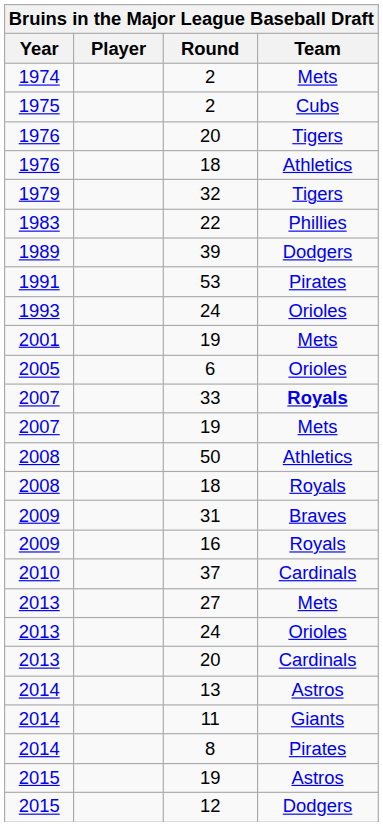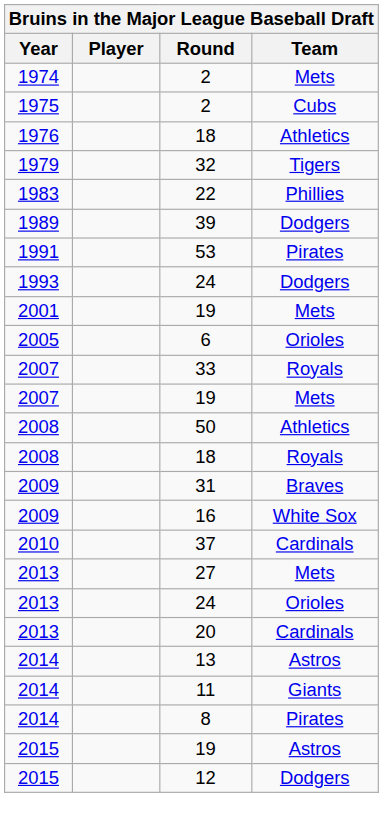 <table class="wikitable sortable" style="text-align:center">
 <tr>
 <th colspan=4>Bruins in the Major League Baseball Draft</th>
 </tr>
 <tr>
 <th>Year</th>
 <th>Player</th>
 <th>Round</th>
 <th>Team</th>
 </tr>
 <tr>
 <td><a href='#'>1974</a></td>
 <td></td>
 <td>2</td>
 <td><a href='#'>Mets</a></td>
 </tr>
 <tr>
 <td><a href='#'>1975</a></td>
 <td></td>
 <td>2</td>
 <td><a href='#'>Cubs</a></td>
-</tr>
-<tr>
-<td><a href='#'>1976</a></td>
-<td></td>
-<td>20</td>
-<td><a href='#'>Tigers</a></td>
 </tr>
 <tr>
 <td><a href='#'>1976</a></td>
 <td></td>
 <td>18</td>
 <td><a href='#'>Athletics</a></td>
 </tr>
 <tr>
 <td><a href='#'>1979</a></td>
 <td></td>
 <td>32</td>
 <td><a href='#'>Tigers</a></td>
 </tr>
 <tr>
 <td><a href='#'>1983</a></td>
 <td></td>
 <td>22</td>
 <td><a href='#'>Phillies</a></td>
 </tr>
 <tr>
 <td><a href='#'>1989</a></td>
 <td></td>
 <td>39</td>
 <td><a href='#'>Dodgers</a></td>
 </tr>
 <tr>
 <td><a href='#'>1991</a></td>
 <td></td>
 <td>53</td>
 <td><a href='#'>Pirates</a></td>
 </tr>
 <tr>
 <td><a href='#'>1993</a></td>
 <td></td>
 <td>24</td>
-<td><a href='#'>Orioles</a></td>
+<td><a href='#'>Dodgers</a></td>
 </tr>
 <tr>
 <td><a href='#'>2001</a></td>
 <td></td>
 <td>19</td>
 <td><a href='#'>Mets</a></td>
 </tr>
 <tr>
 <td><a href='#'>2005</a></td>
 <td></td>
 <td>6</td>
 <td><a href='#'>Orioles</a></td>
 </tr>
 <tr>
 <td><a href='#'>2007</a></td>
 <td></td>
 <td>33</td>
-<td><strong><a href='#'>Royals</a></strong></td>
+<td><a href='#'>Royals</a></td>
 </tr>
 <tr>
 <td><a href='#'>2007</a></td>
 <td></td>
 <td>19</td>
 <td><a href='#'>Mets</a></td>
 </tr>
 <tr>
 <td><a href='#'>2008</a></td>
 <td></td>
 <td>50</td>
 <td><a href='#'>Athletics</a></td>
 </tr>
 <tr>
 <td><a href='#'>2008</a></td>
 <td></td>
 <td>18</td>
 <td><a href='#'>Royals</a></td>
 </tr>
 <tr>
 <td><a href='#'>2009</a></td>
 <td></td>
 <td>31</td>
 <td><a href='#'>Braves</a></td>
 </tr>
 <tr>
 <td><a href='#'>2009</a></td>
 <td></td>
 <td>16</td>
-<td><a href='#'>Royals</a></td>
+<td><a href='#'>White Sox</a></td>
 </tr>
 <tr>
 <td><a href='#'>2010</a></td>
 <td></td>
 <td>37</td>
 <td><a href='#'>Cardinals</a></td>
 </tr>
 <tr>
 <td><a href='#'>2013</a></td>
 <td></td>
 <td>27</td>
 <td><a href='#'>Mets</a></td>
 </tr>
 <tr>
 <td><a href='#'>2013</a></td>
 <td></td>
 <td>24</td>
 <td><a href='#'>Orioles</a></td>
 </tr>
 <tr>
 <td><a href='#'>2013</a></td>
 <td></td>
 <td>20</td>
 <td><a href='#'>Cardinals</a></td>
 </tr>
 <tr>
 <td><a href='#'>2014</a></td>
 <td></td>
 <td>13</td>
 <td><a href='#'>Astros</a></td>
 </tr>
 <tr>
 <td><a href='#'>2014</a></td>
 <td></td>
 <td>11</td>
 <td><a href='#'>Giants</a></td>
 </tr>
 <tr>
 <td><a href='#'>2014</a></td>
 <td></td>
 <td>8</td>
 <td><a href='#'>Pirates</a></td>
 </tr>
 <tr>
 <td><a href='#'>2015</a></td>
 <td></td>
 <td>19</td>
 <td><a href='#'>Astros</a></td>
 </tr>
 <tr>
 <td><a href='#'>2015</a></td>
 <td></td>
 <td>12</td>
 <td><a href='#'>Dodgers</a></td>
 </tr>
 </table>
